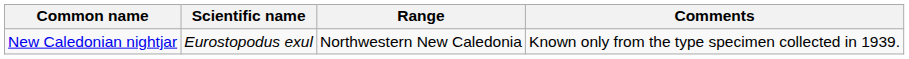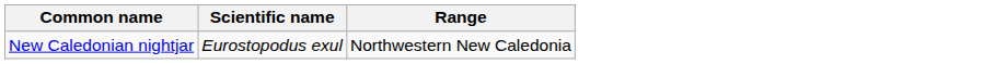 <table class="wikitable">
 <tr>
 <th>Common name</th>
 <th>Scientific name</th>
 <th>Range</th>
-<th class="unsortable">Comments</th>
 </tr>
 <tr>
 <td><a href='#'>New Caledonian nightjar</a></td>
 <td><em>Eurostopodus exul</em></td>
 <td>Northwestern New Caledonia</td>
-<td>Known only from the type specimen collected in 1939.</td>
 </tr>
 </table>
